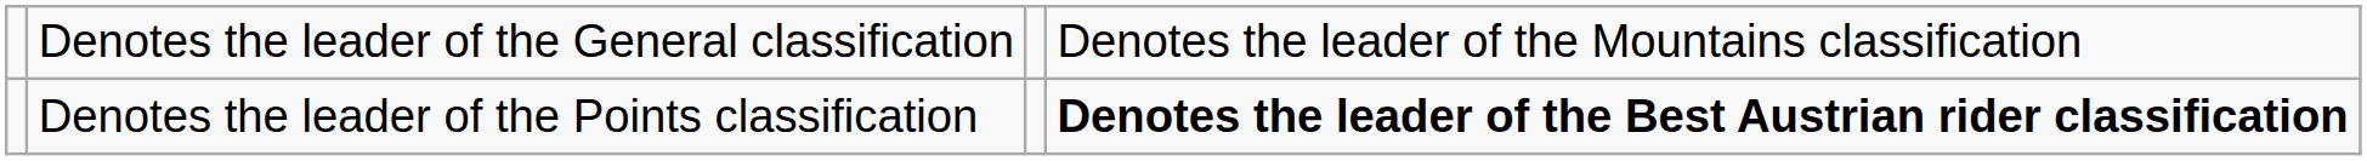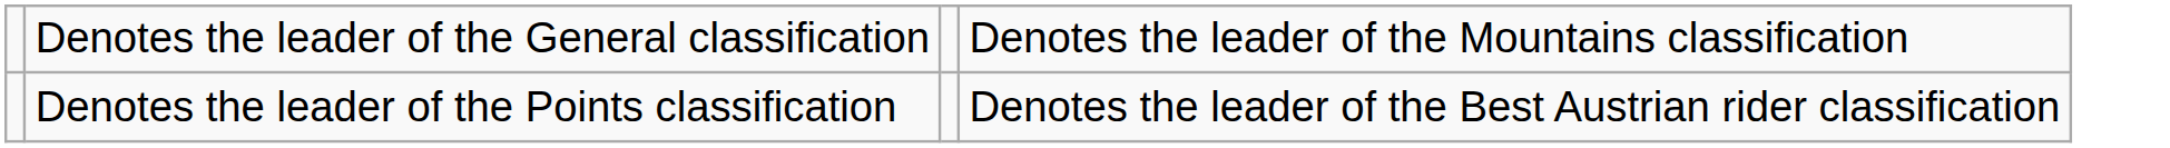 <table class="wikitable">
 <tr>
 <td></td>
 <td>Denotes the leader of the General classification</td>
 <td></td>
 <td>Denotes the leader of the Mountains classification</td>
 </tr>
 <tr>
 <td></td>
 <td>Denotes the leader of the Points classification</td>
 <td></td>
-<td><strong>Denotes the leader of the Best Austrian rider classification</strong></td>
+<td>Denotes the leader of the Best Austrian rider classification</td>
 </tr>
 </table>
